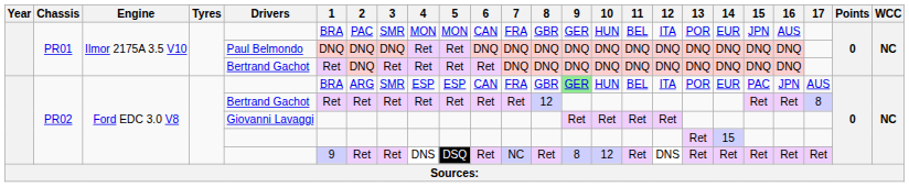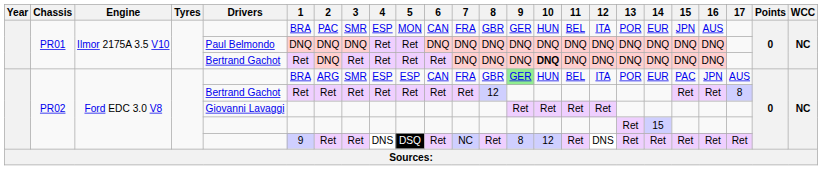 <table class="wikitable" style="text-align:center; font-size:85%">
 <tr>
 <th>Year</th>
 <th>Chassis</th>
 <th>Engine</th>
 <th>Tyres</th>
 <th>Drivers</th>
 <th>1</th>
 <th>2</th>
 <th>3</th>
 <th>4</th>
 <th>5</th>
 <th>6</th>
 <th>7</th>
 <th>8</th>
 <th>9</th>
 <th>10</th>
 <th>11</th>
 <th>12</th>
 <th>13</th>
 <th>14</th>
 <th>15</th>
 <th>16</th>
 <th>17</th>
 <th>Points</th>
 <th>WCC</th>
 </tr>
 <tr>
 <th rowspan="3"></th>
 <td rowspan="3"><a href='#'>PR01</a></td>
 <td rowspan="3"><a href='#'>Ilmor</a> 2175A 3.5 <a href='#'>V10</a></td>
 <td rowspan="3"></td>
 <td></td>
 <td><a href='#'>BRA</a></td>
 <td><a href='#'>PAC</a></td>
 <td><a href='#'>SMR</a></td>
-<td><a href='#'>MON</a></td>
+<td><a href='#'>ESP</a></td>
 <td><a href='#'>MON</a></td>
 <td><a href='#'>CAN</a></td>
 <td><a href='#'>FRA</a></td>
 <td><a href='#'>GBR</a></td>
 <td><a href='#'>GER</a></td>
 <td><a href='#'>HUN</a></td>
 <td><a href='#'>BEL</a></td>
 <td><a href='#'>ITA</a></td>
 <td><a href='#'>POR</a></td>
 <td><a href='#'>EUR</a></td>
 <td><a href='#'>JPN</a></td>
 <td><a href='#'>AUS</a></td>
 <td></td>
 <th rowspan="3">0</th>
 <th rowspan="3">NC</th>
 </tr>
 <tr>
 <td align="left"> <a href='#'>Paul Belmondo</a></td>
 <td style="background:#ffcfcf;">DNQ</td>
 <td style="background:#ffcfcf;">DNQ</td>
 <td style="background:#ffcfcf;">DNQ</td>
 <td style="background:#efcfff;">Ret</td>
 <td style="background:#efcfff;">Ret</td>
 <td style="background:#ffcfcf;">DNQ</td>
 <td style="background:#ffcfcf;">DNQ</td>
 <td style="background:#ffcfcf;">DNQ</td>
 <td style="background:#ffcfcf;">DNQ</td>
 <td style="background:#ffcfcf;">DNQ</td>
 <td style="background:#ffcfcf;">DNQ</td>
 <td style="background:#ffcfcf;">DNQ</td>
 <td style="background:#ffcfcf;">DNQ</td>
 <td style="background:#ffcfcf;">DNQ</td>
 <td style="background:#ffcfcf;">DNQ</td>
 <td style="background:#ffcfcf;">DNQ</td>
 <td></td>
 </tr>
 <tr>
 <td align="left"> <a href='#'>Bertrand Gachot</a></td>
 <td style="background:#efcfff;">Ret</td>
 <td style="background:#ffcfcf;">DNQ</td>
 <td style="background:#efcfff;">Ret</td>
 <td style="background:#efcfff;">Ret</td>
 <td style="background:#efcfff;">Ret</td>
 <td style="background:#efcfff;">Ret</td>
 <td style="background:#ffcfcf;">DNQ</td>
 <td style="background:#ffcfcf;">DNQ</td>
 <td style="background:#ffcfcf;">DNQ</td>
-<td style="background:#ffcfcf;">DNQ</td>
+<td style="background:#ffcfcf;"><strong>DNQ</strong></td>
 <td style="background:#ffcfcf;">DNQ</td>
 <td style="background:#ffcfcf;">DNQ</td>
 <td style="background:#ffcfcf;">DNQ</td>
 <td style="background:#ffcfcf;">DNQ</td>
 <td style="background:#ffcfcf;">DNQ</td>
 <td style="background:#ffcfcf;">DNQ</td>
 <td></td>
 </tr>
 <tr>
 <th rowspan="5"></th>
 <td rowspan="5"><a href='#'>PR02</a></td>
 <td rowspan="5"><a href='#'>Ford</a> EDC 3.0 <a href='#'>V8</a></td>
 <td rowspan="5"></td>
 <td></td>
 <td><a href='#'>BRA</a></td>
 <td><a href='#'>ARG</a></td>
 <td><a href='#'>SMR</a></td>
 <td><a href='#'>ESP</a></td>
 <td><a href='#'>ESP</a></td>
 <td><a href='#'>CAN</a></td>
 <td><a href='#'>FRA</a></td>
 <td><a href='#'>GBR</a></td>
 <td style="background: lightgreen;"><a href='#'>GER</a></td>
 <td><a href='#'>HUN</a></td>
 <td><a href='#'>BEL</a></td>
 <td><a href='#'>ITA</a></td>
 <td><a href='#'>POR</a></td>
 <td><a href='#'>EUR</a></td>
 <td><a href='#'>PAC</a></td>
 <td><a href='#'>JPN</a></td>
 <td><a href='#'>AUS</a></td>
 <th rowspan="5">0</th>
 <th rowspan="5">NC</th>
 </tr>
 <tr>
 <td align="left"> <a href='#'>Bertrand Gachot</a></td>
 <td style="background:#efcfff;">Ret</td>
 <td style="background:#efcfff;">Ret</td>
 <td style="background:#efcfff;">Ret</td>
 <td style="background:#efcfff;">Ret</td>
 <td style="background:#efcfff;">Ret</td>
 <td style="background:#efcfff;">Ret</td>
 <td style="background:#efcfff;">Ret</td>
 <td style="background:#cfcfff;">12</td>
 <td></td>
 <td></td>
 <td></td>
 <td></td>
 <td></td>
 <td></td>
 <td style="background:#efcfff;">Ret</td>
 <td style="background:#efcfff;">Ret</td>
 <td style="background:#cfcfff;">8</td>
 </tr>
 <tr>
 <td align="left"> <a href='#'>Giovanni Lavaggi</a></td>
 <td></td>
 <td></td>
 <td></td>
 <td></td>
 <td></td>
 <td></td>
 <td></td>
 <td></td>
 <td style="background:#efcfff;">Ret</td>
 <td style="background:#efcfff;">Ret</td>
 <td style="background:#efcfff;">Ret</td>
 <td style="background:#efcfff;">Ret</td>
 <td></td>
 <td></td>
 <td></td>
 <td></td>
 <td></td>
 </tr>
 <tr>
 <td align="left"></td>
 <td></td>
 <td></td>
 <td></td>
 <td></td>
 <td></td>
 <td></td>
 <td></td>
 <td></td>
 <td></td>
 <td></td>
 <td></td>
 <td></td>
 <td style="background:#efcfff;">Ret</td>
 <td style="background:#cfcfff;">15</td>
 <td></td>
 <td></td>
 <td></td>
 </tr>
 <tr>
 <td align="left"></td>
 <td style="background:#cfcfff;">9</td>
 <td style="background:#efcfff;">Ret</td>
 <td style="background:#efcfff;">Ret</td>
 <td style="background:white;">DNS</td>
 <td style="background:#000; color:white;">DSQ</td>
 <td style="background:#efcfff;">Ret</td>
 <td style="background:#cfcfff;">NC</td>
 <td style="background:#efcfff;">Ret</td>
 <td style="background:#cfcfff;">8</td>
 <td style="background:#cfcfff;">12</td>
 <td style="background:#efcfff;">Ret</td>
 <td style="background:#ffffff;">DNS</td>
 <td style="background:#efcfff;">Ret</td>
 <td style="background:#efcfff;">Ret</td>
 <td style="background:#efcfff;">Ret</td>
 <td style="background:#efcfff;">Ret</td>
 <td style="background:#efcfff;">Ret</td>
 </tr>
 <tr>
 <th colspan="24">Sources:</th>
 </tr>
 </table>
